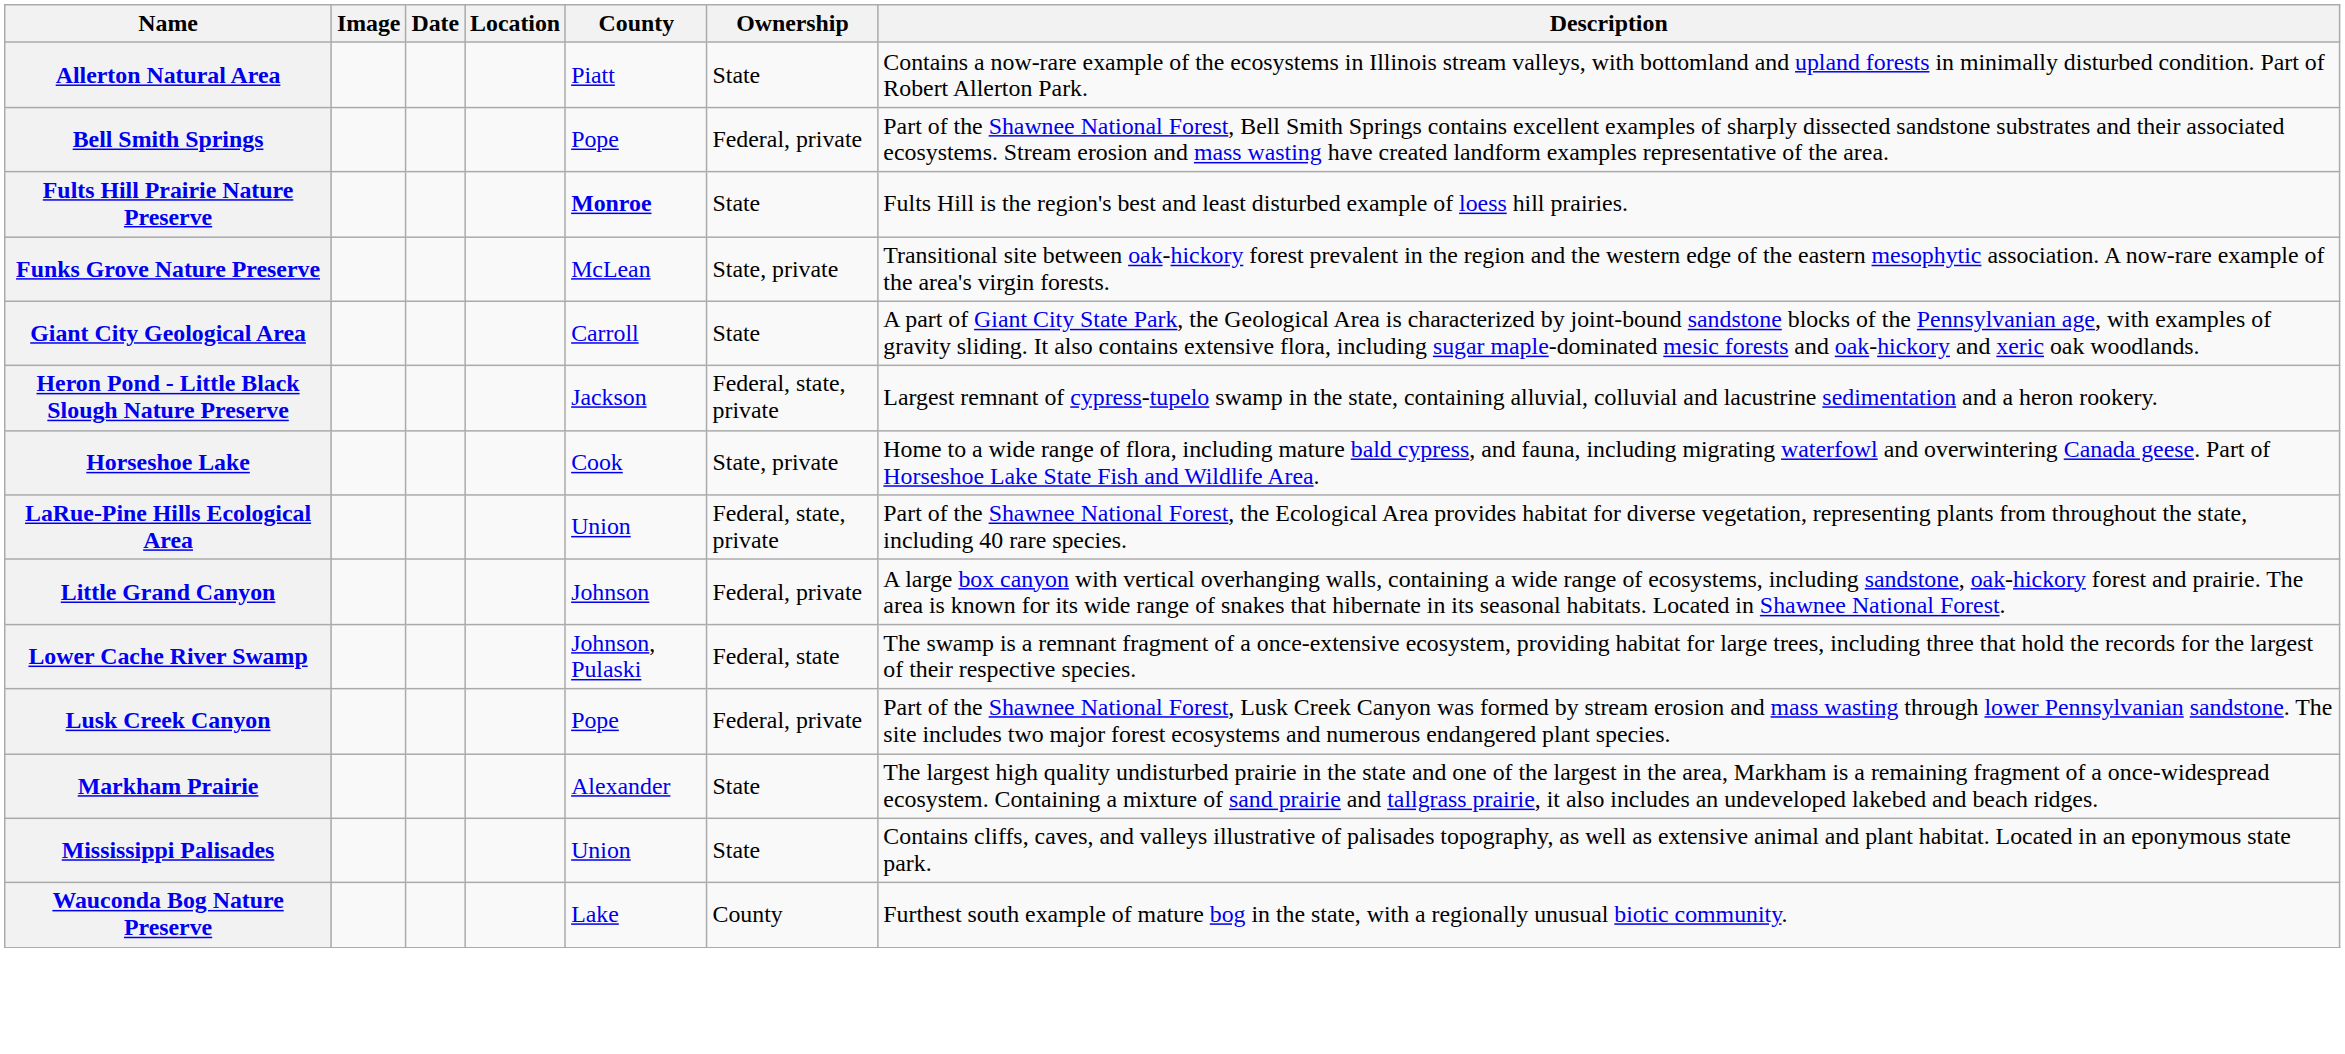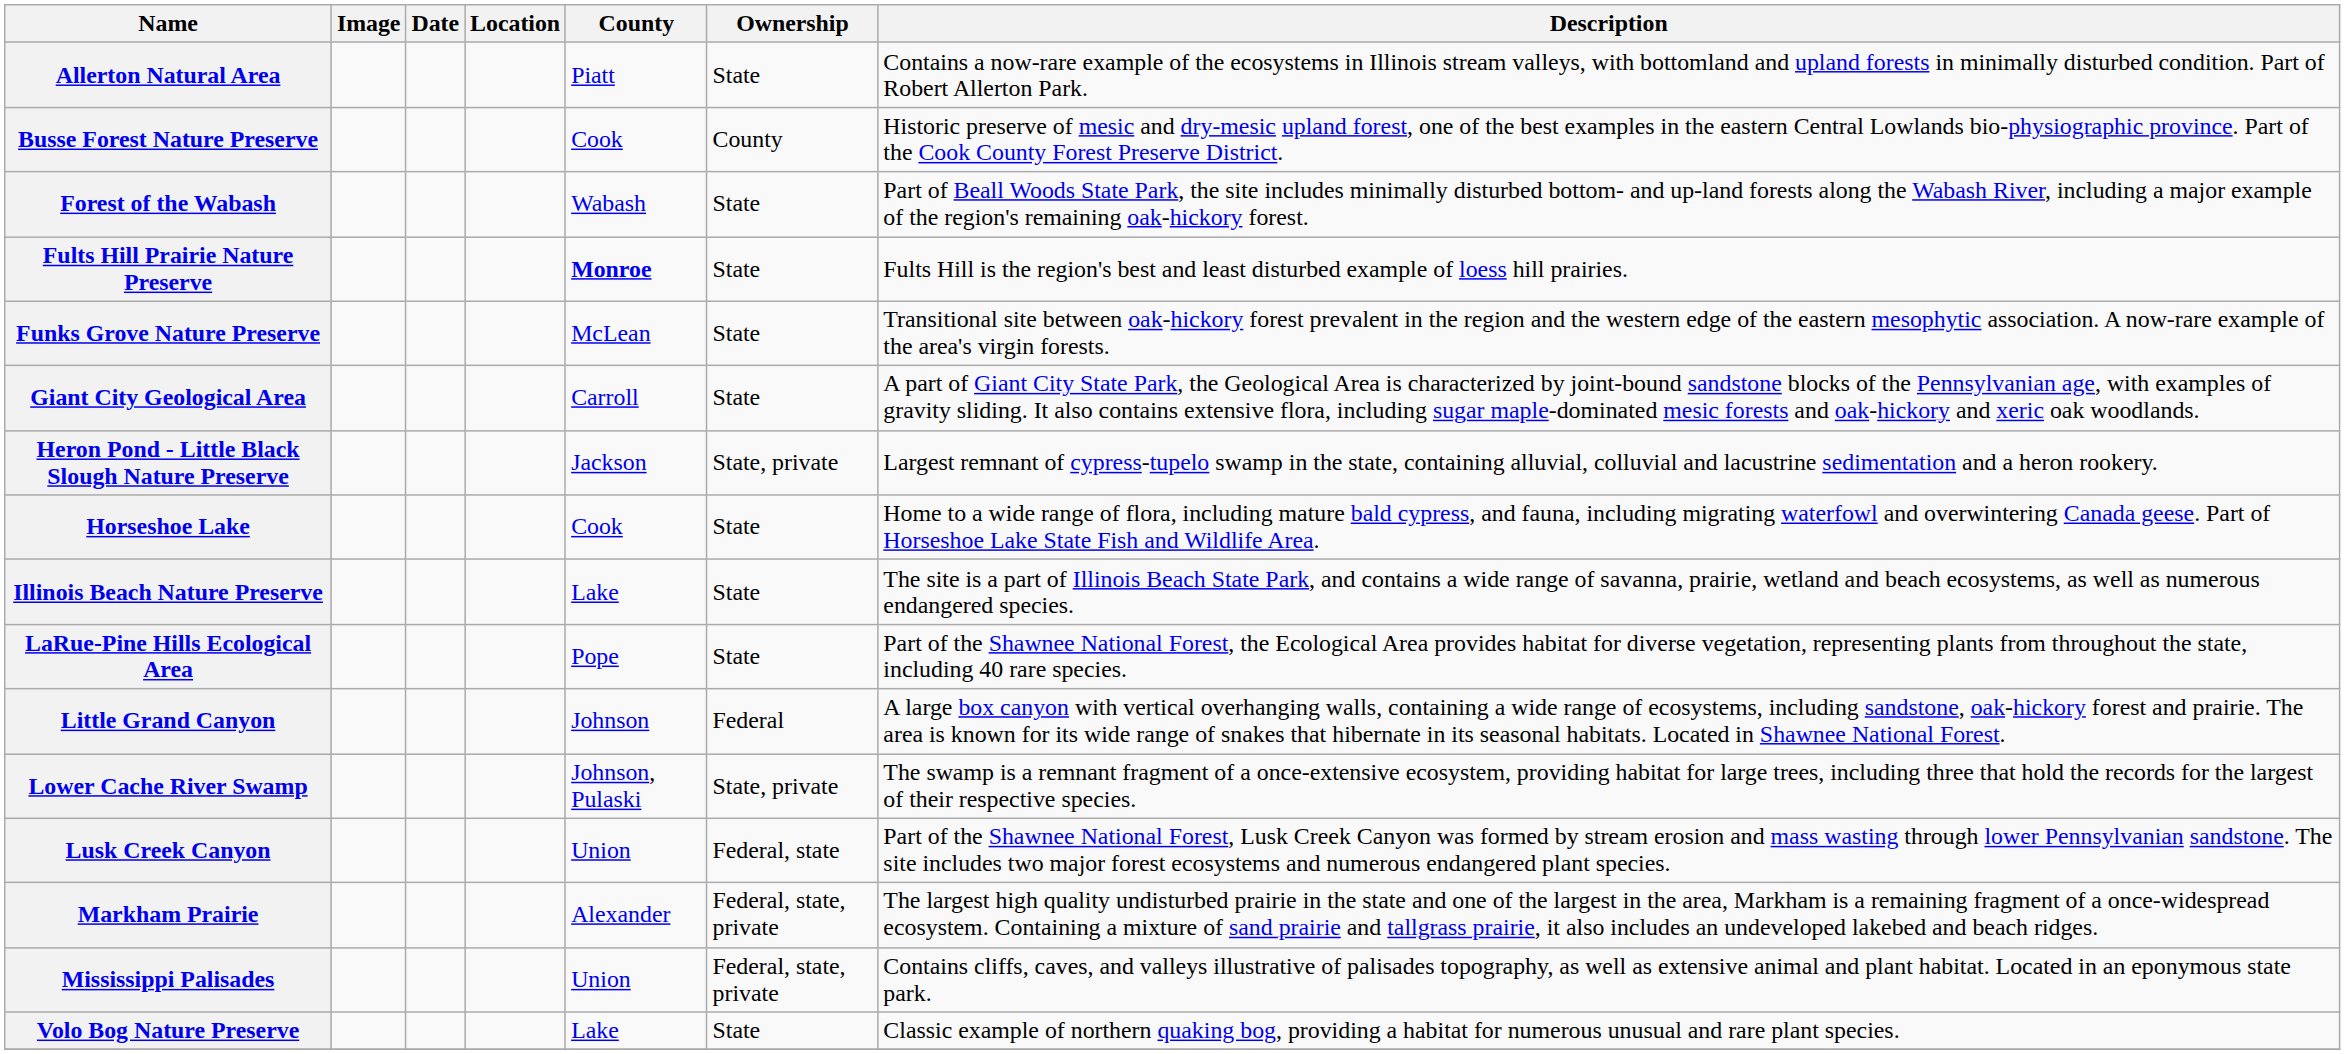 <table class="wikitable sortable" align="center">
 <tr>
 <th scope="col" style="background-color:">Name</th>
 <th scope="col" style="background-color:">Image</th>
 <th scope="col" style="background-color:">Date</th>
 <th scope="col" style="background-color:">Location</th>
 <th scope="col" style="background-color:">County</th>
 <th scope="col" style="background-color:">Ownership</th>
 <th scope="col" style="background-color:">Description</th>
 </tr>
 <tr>
 <th scope="row"><a href='#'>Allerton Natural Area</a></th>
 <td></td>
 <td></td>
 <td></td>
 <td><a href='#'>Piatt</a></td>
 <td>State</td>
 <td>Contains a now-rare example of the ecosystems in Illinois stream valleys, with bottomland and <a href='#'>upland forests</a> in minimally disturbed condition. Part of Robert Allerton Park.</td>
 </tr>
 <tr>
-<th scope="row"><a href='#'>Bell Smith Springs</a></th>
+<th scope="row"><a href='#'>Busse Forest Nature Preserve</a></th>
 <td></td>
 <td></td>
 <td></td>
-<td><a href='#'>Pope</a></td>
-<td>Federal, private</td>
-<td>Part of the <a href='#'>Shawnee National Forest</a>, Bell Smith Springs contains excellent examples of sharply dissected sandstone substrates and their associated ecosystems. Stream erosion and <a href='#'>mass wasting</a> have created landform examples representative of the area.</td>
+<td><a href='#'>Cook</a></td>
+<td>County</td>
+<td>Historic preserve of <a href='#'>mesic</a> and <a href='#'>dry-mesic</a> <a href='#'>upland forest</a>, one of the best examples in the eastern Central Lowlands bio-<a href='#'>physiographic province</a>. Part of the <a href='#'>Cook County Forest Preserve District</a>.</td>
+</tr>
+<tr>
+<th scope="row"><a href='#'>Forest of the Wabash</a></th>
+<td></td>
+<td></td>
+<td></td>
+<td><a href='#'>Wabash</a></td>
+<td>State</td>
+<td>Part of <a href='#'>Beall Woods State Park</a>, the site includes minimally disturbed bottom- and up-land forests along the <a href='#'>Wabash River</a>, including a major example of the region's remaining <a href='#'>oak</a>-<a href='#'>hickory</a> forest.</td>
 </tr>
 <tr>
 <th scope="row"><a href='#'>Fults Hill Prairie Nature Preserve</a></th>
 <td></td>
 <td></td>
 <td></td>
 <td><strong><a href='#'>Monroe</a></strong></td>
 <td>State</td>
 <td>Fults Hill is the region's best and least disturbed example of <a href='#'>loess</a> hill prairies.</td>
 </tr>
 <tr>
 <th scope="row"><a href='#'>Funks Grove Nature Preserve</a></th>
 <td></td>
 <td></td>
 <td></td>
 <td><a href='#'>McLean</a></td>
-<td>State, private</td>
+<td>State</td>
 <td>Transitional site between <a href='#'>oak</a>-<a href='#'>hickory</a> forest prevalent in the region and the western edge of the eastern <a href='#'>mesophytic</a> association. A now-rare example of the area's virgin forests.</td>
 </tr>
 <tr>
 <th scope="row"><a href='#'>Giant City Geological Area</a></th>
 <td></td>
 <td></td>
 <td></td>
 <td><a href='#'>Carroll</a></td>
 <td>State</td>
 <td>A part of <a href='#'>Giant City State Park</a>, the Geological Area is characterized by joint-bound <a href='#'>sandstone</a> blocks of the <a href='#'>Pennsylvanian age</a>, with examples of gravity sliding. It also contains extensive flora, including <a href='#'>sugar maple</a>-dominated <a href='#'>mesic forests</a> and <a href='#'>oak</a>-<a href='#'>hickory</a> and <a href='#'>xeric</a> oak woodlands.</td>
 </tr>
 <tr>
 <th scope="row"><a href='#'>Heron Pond - Little Black Slough Nature Preserve</a></th>
 <td></td>
 <td></td>
 <td></td>
 <td><a href='#'>Jackson</a></td>
-<td>Federal, state, private</td>
+<td>State, private</td>
 <td>Largest remnant of <a href='#'>cypress</a>-<a href='#'>tupelo</a> swamp in the state, containing alluvial, colluvial and lacustrine <a href='#'>sedimentation</a> and a heron rookery.</td>
 </tr>
 <tr>
 <th scope="row"><a href='#'>Horseshoe Lake</a></th>
 <td></td>
 <td></td>
 <td></td>
 <td><a href='#'>Cook</a></td>
-<td>State, private</td>
+<td>State</td>
 <td>Home to a wide range of flora, including mature <a href='#'>bald cypress</a>, and fauna, including migrating <a href='#'>waterfowl</a> and overwintering <a href='#'>Canada geese</a>. Part of <a href='#'>Horseshoe Lake State Fish and Wildlife Area</a>.</td>
+</tr>
+<tr>
+<th scope="row"><a href='#'>Illinois Beach Nature Preserve</a></th>
+<td></td>
+<td></td>
+<td></td>
+<td><a href='#'>Lake</a></td>
+<td>State</td>
+<td>The site is a part of <a href='#'>Illinois Beach State Park</a>, and contains a wide range of savanna, prairie, wetland and beach ecosystems, as well as numerous endangered species.</td>
 </tr>
 <tr>
 <th scope="row"><a href='#'>LaRue-Pine Hills Ecological Area</a></th>
 <td></td>
 <td></td>
 <td></td>
-<td><a href='#'>Union</a></td>
-<td>Federal, state, private</td>
+<td><a href='#'>Pope</a></td>
+<td>State</td>
 <td>Part of the <a href='#'>Shawnee National Forest</a>, the Ecological Area provides habitat for diverse vegetation, representing plants from throughout the state, including 40 rare species.</td>
 </tr>
 <tr>
 <th scope="row"><a href='#'>Little Grand Canyon</a></th>
 <td></td>
 <td></td>
 <td></td>
 <td><a href='#'>Johnson</a></td>
-<td>Federal, private</td>
+<td>Federal</td>
 <td>A large <a href='#'>box canyon</a> with vertical overhanging walls, containing a wide range of ecosystems, including <a href='#'>sandstone</a>, <a href='#'>oak</a>-<a href='#'>hickory</a> forest and prairie. The area is known for its wide range of snakes that hibernate in its seasonal habitats. Located in <a href='#'>Shawnee National Forest</a>.</td>
 </tr>
 <tr>
 <th scope="row"><a href='#'>Lower Cache River Swamp</a></th>
 <td></td>
 <td></td>
 <td></td>
 <td><a href='#'>Johnson</a>, <a href='#'>Pulaski</a></td>
-<td>Federal, state</td>
+<td>State, private</td>
 <td>The swamp is a remnant fragment of a once-extensive ecosystem, providing habitat for large trees, including three that hold the records for the largest of their respective species.</td>
 </tr>
 <tr>
 <th scope="row"><a href='#'>Lusk Creek Canyon</a></th>
 <td></td>
 <td></td>
 <td></td>
-<td><a href='#'>Pope</a></td>
-<td>Federal, private</td>
+<td><a href='#'>Union</a></td>
+<td>Federal, state</td>
 <td>Part of the <a href='#'>Shawnee National Forest</a>, Lusk Creek Canyon was formed by stream erosion and <a href='#'>mass wasting</a> through <a href='#'>lower Pennsylvanian</a> <a href='#'>sandstone</a>. The site includes two major forest ecosystems and numerous endangered plant species.</td>
 </tr>
 <tr>
 <th scope="row"><a href='#'>Markham Prairie</a></th>
 <td></td>
 <td></td>
 <td></td>
 <td><a href='#'>Alexander</a></td>
-<td>State</td>
+<td>Federal, state, private</td>
 <td>The largest high quality undisturbed prairie in the state and one of the largest in the area, Markham is a remaining fragment of a once-widespread ecosystem. Containing a mixture of <a href='#'>sand prairie</a> and <a href='#'>tallgrass prairie</a>, it also includes an undeveloped lakebed and beach ridges.</td>
 </tr>
 <tr>
 <th scope="row"><a href='#'>Mississippi Palisades</a></th>
 <td></td>
 <td></td>
 <td></td>
 <td><a href='#'>Union</a></td>
-<td>State</td>
+<td>Federal, state, private</td>
 <td>Contains cliffs, caves, and valleys illustrative of palisades topography, as well as extensive animal and plant habitat. Located in an eponymous state park.</td>
 </tr>
 <tr>
-<th scope="row"><a href='#'>Wauconda Bog Nature Preserve</a></th>
+<th scope="row"><a href='#'>Volo Bog Nature Preserve</a></th>
 <td></td>
 <td></td>
 <td></td>
 <td><a href='#'>Lake</a></td>
-<td>County</td>
-<td>Furthest south example of mature <a href='#'>bog</a> in the state, with a regionally unusual <a href='#'>biotic community</a>.</td>
+<td>State</td>
+<td>Classic example of northern <a href='#'>quaking bog</a>, providing a habitat for numerous unusual and rare plant species.</td>
 </tr>
 <tr>
 </tr>
 </table>
